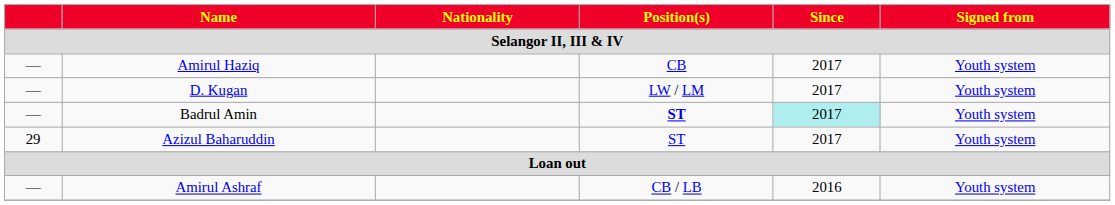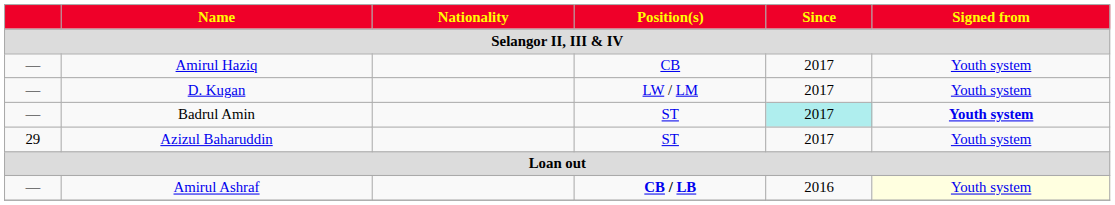 <table class="wikitable" style="text-align:center; font-size:90%; width:85%;">
 <tr>
 <th style="background:#EF0029; color:yellow; text-align:center;"></th>
 <th style="background:#EF0029; color:yellow; text-align:center;">Name</th>
 <th style="background:#EF0029; color:yellow; text-align:center;">Nationality</th>
 <th style="background:#EF0029; color:yellow; text-align:center;">Position(s)</th>
 <th style="background:#EF0029; color:yellow; text-align:center;">Since</th>
 <th style="background:#EF0029; color:yellow; text-align:center;">Signed from</th>
 </tr>
 <tr>
 <th colspan="9" style="background:#dcdcdc; text-align:center;">Selangor II, III & IV</th>
 </tr>
 <tr>
 <td>—</td>
 <td><a href='#'>Amirul Haziq</a></td>
 <td></td>
 <td><a href='#'>CB</a></td>
 <td>2017</td>
 <td><a href='#'>Youth system</a></td>
 </tr>
 <tr>
 <td>—</td>
 <td><a href='#'>D. Kugan</a></td>
 <td></td>
 <td><a href='#'>LW</a> / <a href='#'>LM</a></td>
 <td>2017</td>
 <td><a href='#'>Youth system</a></td>
 </tr>
 <tr>
 <td>—</td>
 <td>Badrul Amin</td>
 <td></td>
-<td><strong><a href='#'>ST</a></strong></td>
+<td><a href='#'>ST</a></td>
 <td style="background: paleturquoise;">2017</td>
-<td><a href='#'>Youth system</a></td>
+<td><strong><a href='#'>Youth system</a></strong></td>
 </tr>
 <tr>
 <td>29</td>
 <td><a href='#'>Azizul Baharuddin</a></td>
 <td></td>
 <td><a href='#'>ST</a></td>
 <td>2017</td>
 <td><a href='#'>Youth system</a></td>
 </tr>
 <tr>
 <th colspan="9" style="background:#dcdcdc; text-align:center;">Loan out</th>
 </tr>
 <tr>
 <td>—</td>
 <td><a href='#'>Amirul Ashraf</a></td>
 <td></td>
-<td><a href='#'>CB</a> / <a href='#'>LB</a></td>
+<td><strong><a href='#'>CB</a> / <a href='#'>LB</a></strong></td>
 <td>2016</td>
-<td><a href='#'>Youth system</a></td>
+<td style="background: lightyellow;"><a href='#'>Youth system</a></td>
 </tr>
 <tr>
 </tr>
 </table>
